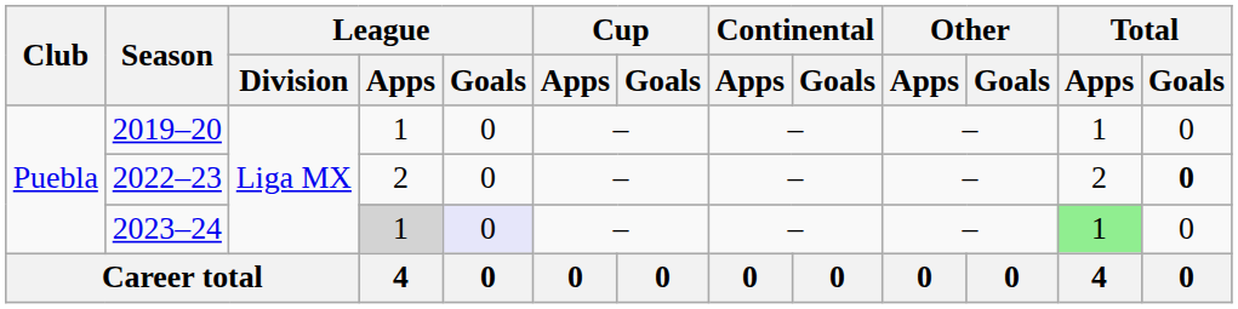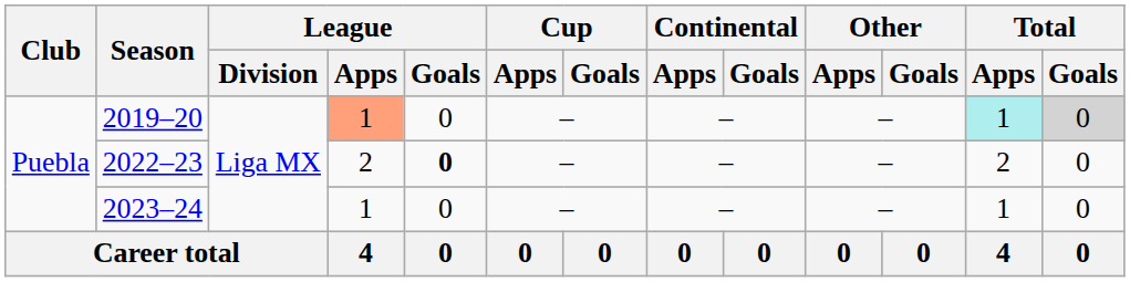 <table class="wikitable" style="text-align: center">
 <tr>
 <th rowspan="2">Club</th>
 <th rowspan="2">Season</th>
 <th colspan="3">League</th>
 <th colspan="2">Cup</th>
 <th colspan="2">Continental</th>
 <th colspan="2">Other</th>
 <th colspan="2">Total</th>
 </tr>
 <tr>
 <th>Division</th>
 <th>Apps</th>
 <th>Goals</th>
 <th>Apps</th>
 <th>Goals</th>
 <th>Apps</th>
 <th>Goals</th>
 <th>Apps</th>
 <th>Goals</th>
 <th>Apps</th>
 <th>Goals</th>
 </tr>
 <tr>
 <td rowspan="3"><a href='#'>Puebla</a></td>
 <td><a href='#'>2019–20</a></td>
 <td rowspan="3"><a href='#'>Liga MX</a></td>
+<td style="background: lightsalmon;">1</td>
+<td>0</td>
+<td colspan="2">–</td>
+<td colspan="2">–</td>
+<td colspan="2">–</td>
+<td style="background: paleturquoise;">1</td>
+<td style="background: lightgrey;">0</td>
+</tr>
+<tr>
+<td><a href='#'>2022–23</a></td>
+<td>2</td>
+<td><strong>0</strong></td>
+<td colspan="2">–</td>
+<td colspan="2">–</td>
+<td colspan="2">–</td>
+<td>2</td>
+<td>0</td>
+</tr>
+<tr>
+<td><a href='#'>2023–24</a></td>
 <td>1</td>
 <td>0</td>
 <td colspan="2">–</td>
 <td colspan="2">–</td>
 <td colspan="2">–</td>
 <td>1</td>
-<td>0</td>
-</tr>
-<tr>
-<td><a href='#'>2022–23</a></td>
-<td>2</td>
-<td>0</td>
-<td colspan="2">–</td>
-<td colspan="2">–</td>
-<td colspan="2">–</td>
-<td>2</td>
-<td><strong>0</strong></td>
-</tr>
-<tr>
-<td><a href='#'>2023–24</a></td>
-<td style="background: lightgrey;">1</td>
-<td style="background: lavender;">0</td>
-<td colspan="2">–</td>
-<td colspan="2">–</td>
-<td colspan="2">–</td>
-<td style="background: lightgreen;">1</td>
 <td>0</td>
 </tr>
 <tr>
 <th colspan="3"><strong>Career total</strong></th>
 <th>4</th>
 <th>0</th>
 <th>0</th>
 <th>0</th>
 <th>0</th>
 <th>0</th>
 <th>0</th>
 <th>0</th>
 <th>4</th>
 <th>0</th>
 </tr>
 </table>
